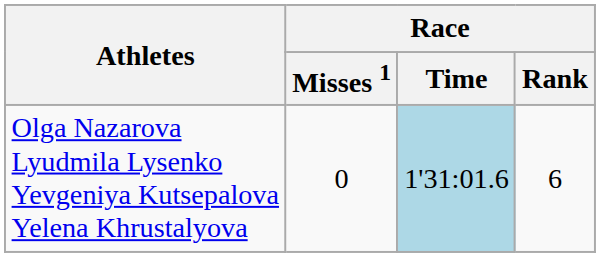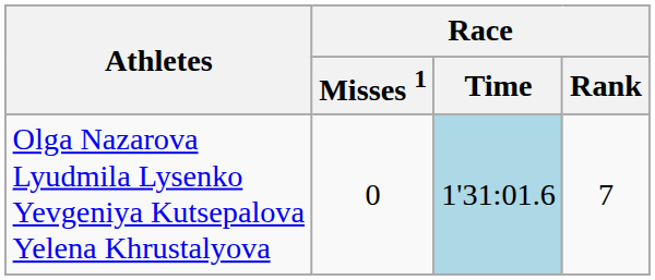 <table class="wikitable" border="1" style="font-size:90%">
 <tr>
 <th rowspan=2>Athletes</th>
 <th colspan=3>Race</th>
 </tr>
 <tr>
 <th>Misses <sup>1</sup></th>
 <th>Time</th>
 <th>Rank</th>
 </tr>
 <tr>
 <td><a href='#'>Olga Nazarova</a><br><a href='#'>Lyudmila Lysenko</a><br><a href='#'>Yevgeniya Kutsepalova</a><br><a href='#'>Yelena Khrustalyova</a></td>
 <td align=center>0</td>
 <td align=center style="background: lightblue;">1'31:01.6</td>
-<td align=center>6</td>
+<td align=center>7</td>
 </tr>
 </table>
